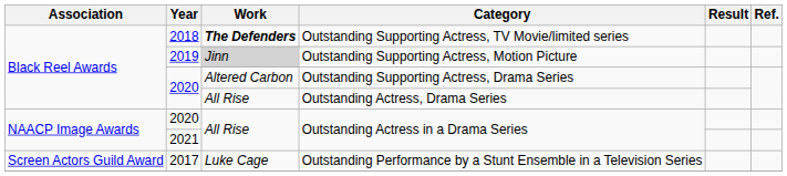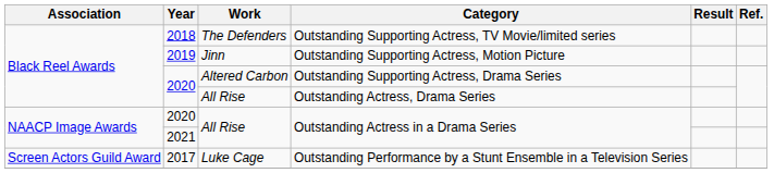 <table class="wikitable">
 <tr>
 <th>Association</th>
 <th>Year</th>
 <th>Work</th>
 <th>Category</th>
 <th>Result</th>
 <th>Ref.</th>
 </tr>
 <tr>
 <td rowspan="4"><a href='#'>Black Reel Awards</a></td>
 <td><a href='#'>2018</a></td>
-<td><strong><em>The Defenders</em></strong></td>
+<td><em>The Defenders</em></td>
 <td>Outstanding Supporting Actress, TV Movie/limited series</td>
 <td></td>
 <td></td>
 </tr>
 <tr>
 <td><a href='#'>2019</a></td>
-<td style="background: lightgrey;"><em>Jinn</em></td>
+<td><em>Jinn</em></td>
 <td>Outstanding Supporting Actress, Motion Picture</td>
 <td></td>
 <td></td>
 </tr>
 <tr>
 <td rowspan=2><a href='#'>2020</a></td>
 <td><em>Altered Carbon</em></td>
 <td>Outstanding Supporting Actress, Drama Series</td>
 <td></td>
 <td rowspan=2></td>
 </tr>
 <tr>
 <td><em>All Rise</em></td>
 <td>Outstanding Actress, Drama Series</td>
 <td></td>
 </tr>
 <tr>
 <td rowspan="2"><a href='#'>NAACP Image Awards</a></td>
 <td>2020</td>
 <td rowspan="2"><em>All Rise</em></td>
 <td rowspan="2">Outstanding Actress in a Drama Series</td>
 <td></td>
 <td></td>
 </tr>
 <tr>
 <td>2021</td>
 <td></td>
 <td></td>
 </tr>
 <tr>
 <td><a href='#'>Screen Actors Guild Award</a></td>
 <td>2017</td>
 <td><em>Luke Cage</em></td>
 <td>Outstanding Performance by a Stunt Ensemble in a Television Series</td>
 <td></td>
 <td></td>
 </tr>
 <tr>
 </tr>
 </table>
